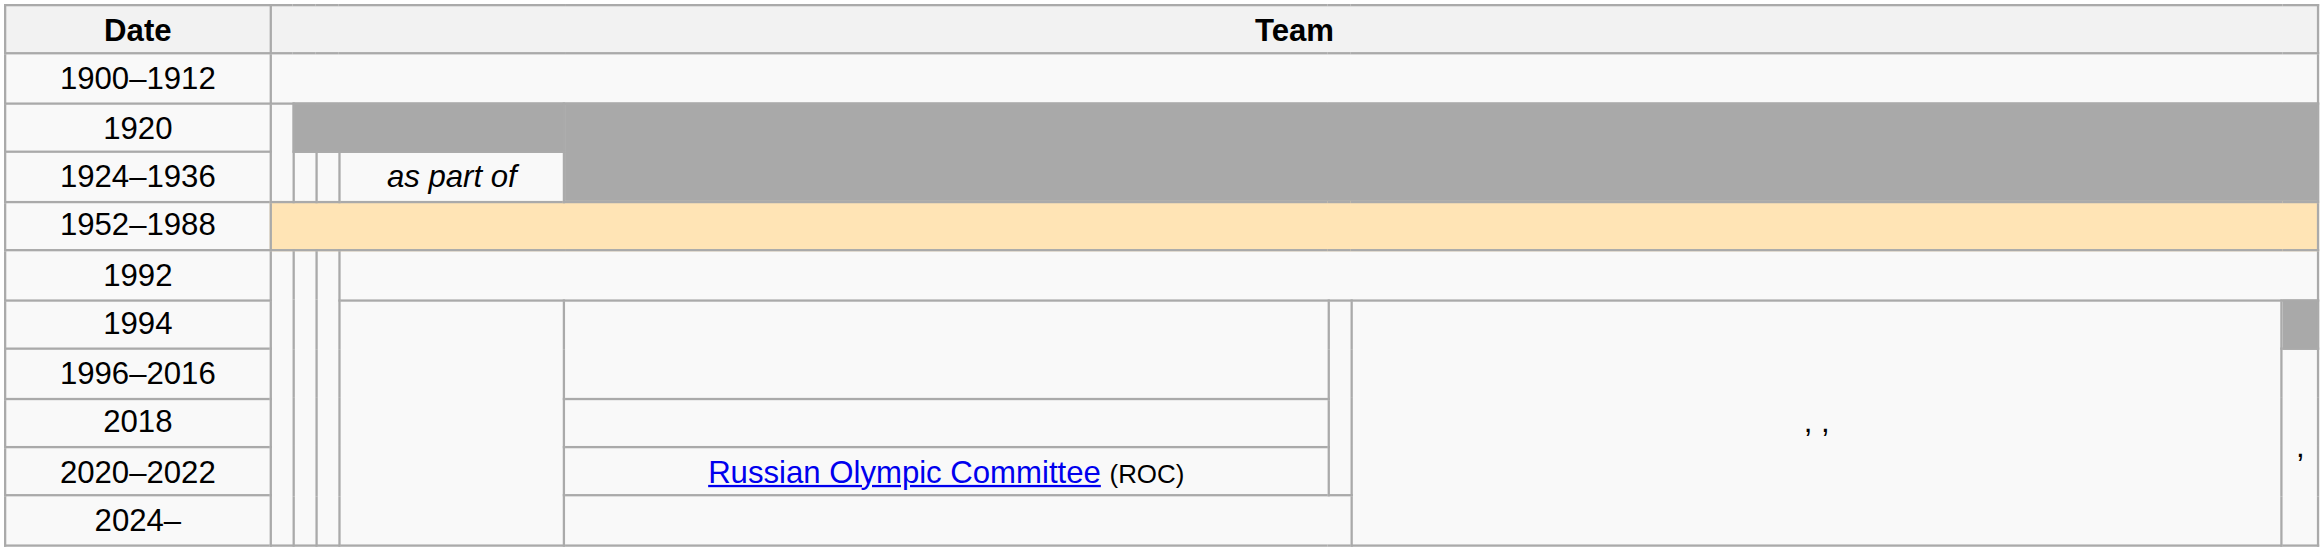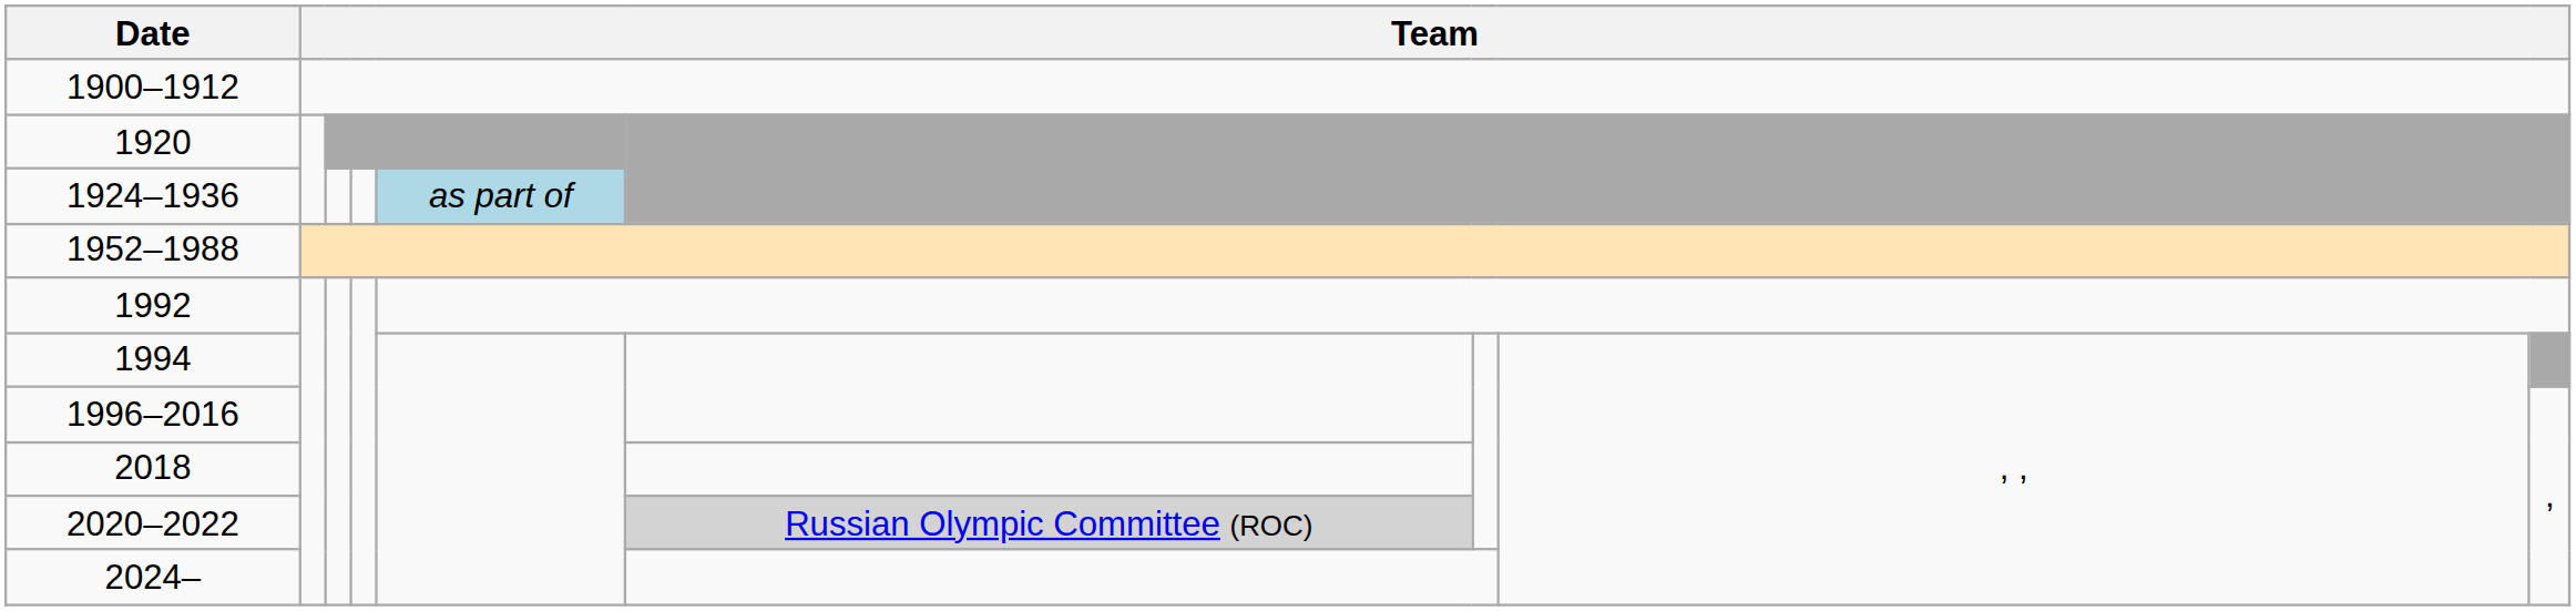 <table class="wikitable" style="text-align:center; font-size:85%; width:80%">
 <tr>
 <th>Date</th>
 <th colspan="8">Team</th>
 </tr>
 <tr>
 <td>1900–1912</td>
 <td colspan="8"></td>
 </tr>
 <tr>
 <td>1920</td>
 <td rowspan=2></td>
 <td colspan=3 style="background:darkgray"></td>
 <td colspan="5" rowspan="2" style="background:darkgray"></td>
 </tr>
 <tr>
 <td>1924–1936</td>
 <td></td>
 <td></td>
-<td><em>as part of </em></td>
+<td style="background: lightblue;"><em>as part of </em></td>
 </tr>
 <tr>
 <td>1952–1988</td>
 <td colspan="8" style="background:moccasin"><strong></strong></td>
 </tr>
 <tr>
 <td>1992</td>
 <td rowspan="6"></td>
 <td rowspan="6"></td>
 <td rowspan="6"></td>
 <td colspan="5"></td>
 </tr>
 <tr>
 <td>1994</td>
 <td rowspan=5></td>
 <td rowspan=2></td>
 <td rowspan="4"></td>
 <td rowspan="5" style="width:400px">, , </td>
 <td style="background:darkgray"></td>
 </tr>
 <tr>
 <td>1996–2016</td>
 <td rowspan="4">, </td>
 </tr>
 <tr>
 <td>2018</td>
 <td></td>
 </tr>
 <tr>
 <td>2020–2022</td>
-<td> <a href='#'>Russian Olympic Committee</a> <small>(ROC)</small></td>
+<td style="background: lightgrey;"> <a href='#'>Russian Olympic Committee</a> <small>(ROC)</small></td>
 </tr>
 <tr>
 <td>2024–</td>
 <td colspan="2"></td>
 </tr>
 </table>
